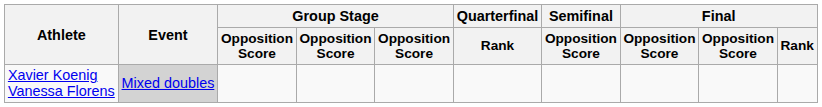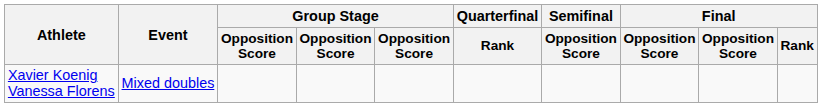 <table class="wikitable" style="font-size:90%">
 <tr>
 <th rowspan=2>Athlete</th>
 <th rowspan=2>Event</th>
 <th colspan=3>Group Stage</th>
 <th>Quarterfinal</th>
 <th>Semifinal</th>
 <th colspan=3>Final</th>
 </tr>
 <tr style="font-size:95%">
 <th>Opposition<br>Score</th>
 <th>Opposition<br>Score</th>
 <th>Opposition<br>Score</th>
 <th>Rank</th>
 <th>Opposition<br>Score</th>
 <th>Opposition<br>Score</th>
 <th>Opposition<br>Score</th>
 <th>Rank</th>
 </tr>
 <tr align=center>
 <td align=left><a href='#'>Xavier Koenig</a><br><a href='#'>Vanessa Florens</a></td>
-<td align=left style="background: lightgrey;"><a href='#'>Mixed doubles</a></td>
+<td align=left><a href='#'>Mixed doubles</a></td>
 <td></td>
 <td></td>
 <td></td>
 <td></td>
 <td></td>
 <td></td>
 <td></td>
 <td></td>
 </tr>
 </table>
